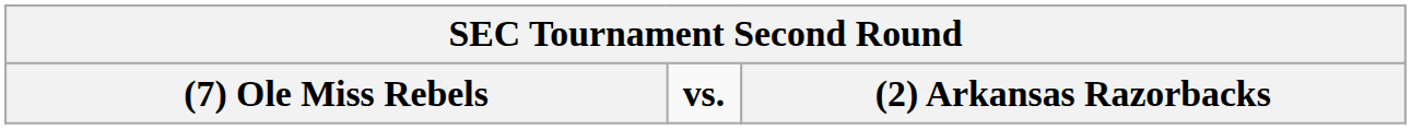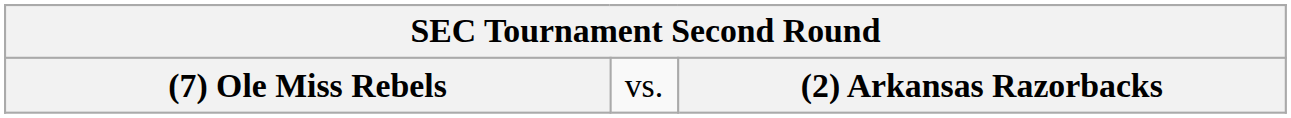 <table class="wikitable">
 <tr>
 <th style="width: 604px;" colspan=3>SEC Tournament Second Round</th>
 </tr>
 <tr>
 <th style="width: 289px; ">(7) Ole Miss Rebels</th>
-<td style="width: 25px; text-align:center"><strong>vs.</strong></td>
+<td style="width: 25px; text-align:center">vs.</td>
 <th style="width: 289px; ">(2) Arkansas Razorbacks</th>
 </tr>
 </table>
